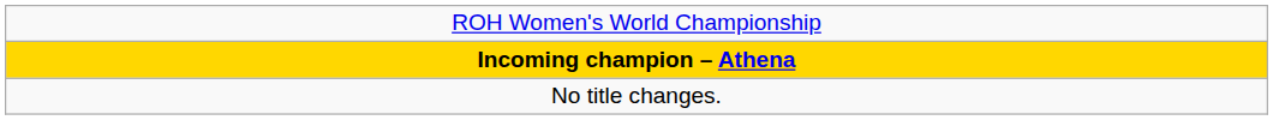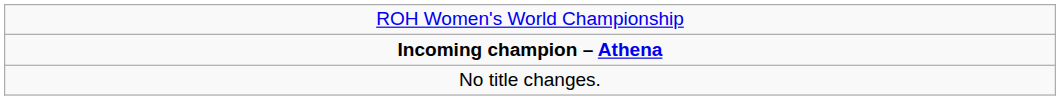 <table class="wikitable" style="text-align:center; width:100%;">
 <tr>
 <td style="text-align: center;"><a href='#'>ROH Women's World Championship</a></td>
 </tr>
 <tr>
-<td style="background: gold; text-align: center;"><strong>Incoming champion – <a href='#'>Athena</a></strong></td>
+<td style="text-align: center;"><strong>Incoming champion – <a href='#'>Athena</a></strong></td>
 </tr>
 <tr>
 <td>No title changes.</td>
 </tr>
 </table>
